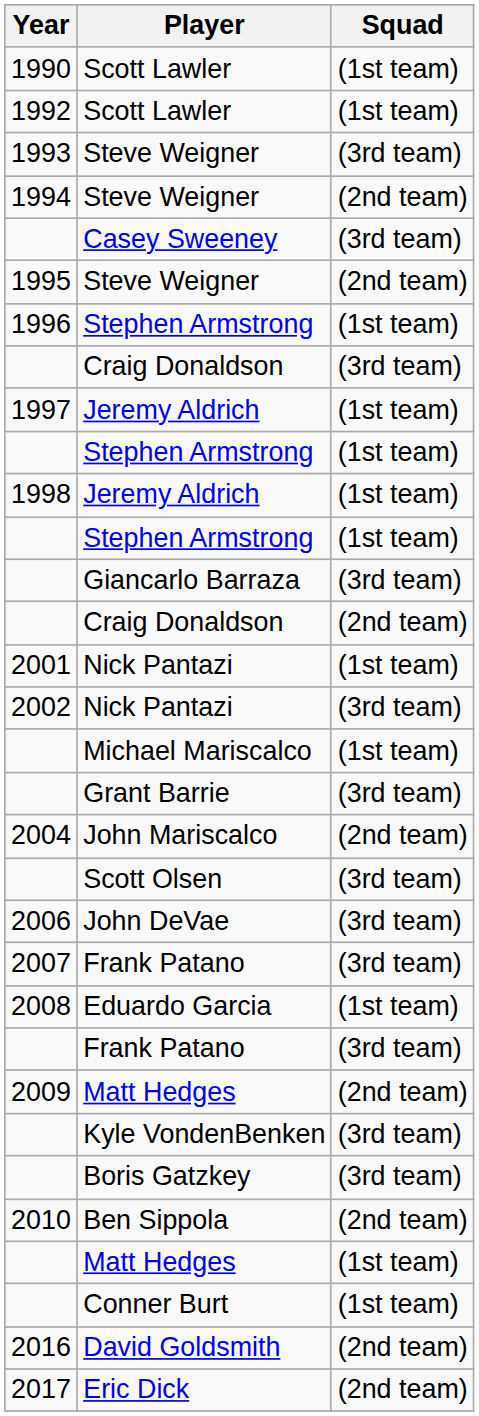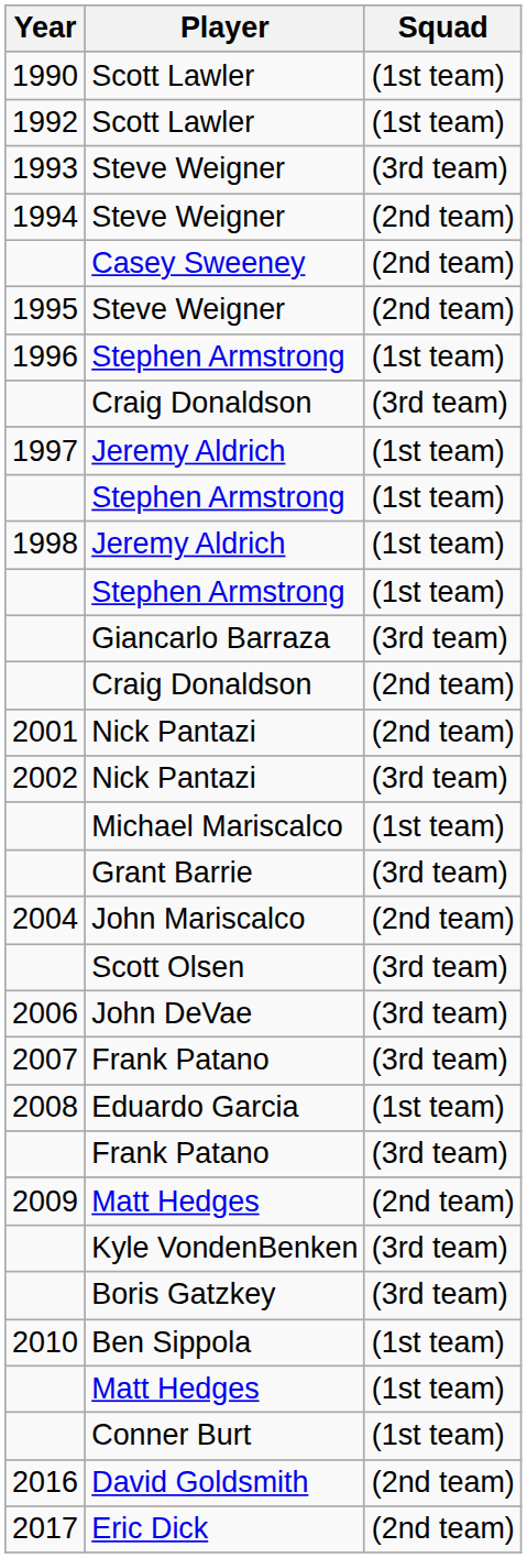 <table class= wikitable>
 <tr>
 <th width=px>Year</th>
 <th width=px>Player</th>
 <th width=px>Squad</th>
 </tr>
 <tr>
 <td>1990</td>
 <td>Scott Lawler</td>
 <td>(1st team)</td>
 </tr>
 <tr>
 <td>1992</td>
 <td>Scott Lawler</td>
 <td>(1st team)</td>
 </tr>
 <tr>
 <td>1993</td>
 <td>Steve Weigner</td>
 <td>(3rd team)</td>
 </tr>
 <tr>
 <td>1994</td>
 <td>Steve Weigner</td>
 <td>(2nd team)</td>
 </tr>
 <tr>
 <td></td>
 <td><a href='#'>Casey Sweeney</a></td>
-<td>(3rd team)</td>
+<td>(2nd team)</td>
 </tr>
 <tr>
 <td>1995</td>
 <td>Steve Weigner</td>
 <td>(2nd team)</td>
 </tr>
 <tr>
 <td>1996</td>
 <td><a href='#'>Stephen Armstrong</a></td>
 <td>(1st team)</td>
 </tr>
 <tr>
 <td></td>
 <td>Craig Donaldson</td>
 <td>(3rd team)</td>
 </tr>
 <tr>
 <td>1997</td>
 <td><a href='#'>Jeremy Aldrich</a></td>
 <td>(1st team)</td>
 </tr>
 <tr>
 <td></td>
 <td><a href='#'>Stephen Armstrong</a></td>
 <td>(1st team)</td>
 </tr>
 <tr>
 <td>1998</td>
 <td><a href='#'>Jeremy Aldrich</a></td>
 <td>(1st team)</td>
 </tr>
 <tr>
 <td></td>
 <td><a href='#'>Stephen Armstrong</a></td>
 <td>(1st team)</td>
 </tr>
 <tr>
 <td></td>
 <td>Giancarlo Barraza</td>
 <td>(3rd team)</td>
 </tr>
 <tr>
 <td></td>
 <td>Craig Donaldson</td>
 <td>(2nd team)</td>
 </tr>
 <tr>
 <td>2001</td>
 <td>Nick Pantazi</td>
-<td>(1st team)</td>
+<td>(2nd team)</td>
 </tr>
 <tr>
 <td>2002</td>
 <td>Nick Pantazi</td>
 <td>(3rd team)</td>
 </tr>
 <tr>
 <td></td>
 <td>Michael Mariscalco</td>
 <td>(1st team)</td>
 </tr>
 <tr>
 <td></td>
 <td>Grant Barrie</td>
 <td>(3rd team)</td>
 </tr>
 <tr>
 <td>2004</td>
 <td>John Mariscalco</td>
 <td>(2nd team)</td>
 </tr>
 <tr>
 <td></td>
 <td>Scott Olsen</td>
 <td>(3rd team)</td>
 </tr>
 <tr>
 <td>2006</td>
 <td>John DeVae</td>
 <td>(3rd team)</td>
 </tr>
 <tr>
 <td>2007</td>
 <td>Frank Patano</td>
 <td>(3rd team)</td>
 </tr>
 <tr>
 <td>2008</td>
 <td>Eduardo Garcia</td>
 <td>(1st team)</td>
 </tr>
 <tr>
 <td></td>
 <td>Frank Patano</td>
 <td>(3rd team)</td>
 </tr>
 <tr>
 <td>2009</td>
 <td><a href='#'>Matt Hedges</a></td>
 <td>(2nd team)</td>
 </tr>
 <tr>
 <td></td>
 <td>Kyle VondenBenken</td>
 <td>(3rd team)</td>
 </tr>
 <tr>
 <td></td>
 <td>Boris Gatzkey</td>
 <td>(3rd team)</td>
 </tr>
 <tr>
 <td>2010</td>
 <td>Ben Sippola</td>
-<td>(2nd team)</td>
+<td>(1st team)</td>
 </tr>
 <tr>
 <td></td>
 <td><a href='#'>Matt Hedges</a></td>
 <td>(1st team)</td>
 </tr>
 <tr>
 <td></td>
 <td>Conner Burt</td>
 <td>(1st team)</td>
 </tr>
 <tr>
 <td>2016</td>
 <td><a href='#'>David Goldsmith</a></td>
 <td>(2nd team)</td>
 </tr>
 <tr>
 <td>2017</td>
 <td><a href='#'>Eric Dick</a></td>
 <td>(2nd team)</td>
 </tr>
 </table>
